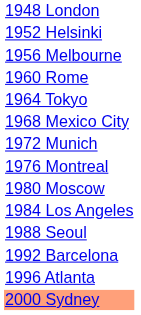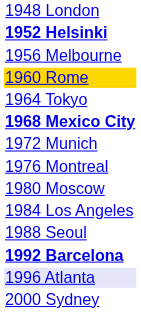 <table>
 <tr>
 <td><a href='#'>1948 London</a><br></td>
 <td></td>
 <td></td>
 <td></td>
 </tr>
 <tr>
-<td><a href='#'>1952 Helsinki</a><br></td>
+<td><strong><a href='#'>1952 Helsinki</a><br></strong></td>
 <td></td>
 <td></td>
 <td></td>
 </tr>
 <tr>
 <td><a href='#'>1956 Melbourne</a><br></td>
 <td></td>
 <td></td>
 <td></td>
 </tr>
 <tr>
-<td><a href='#'>1960 Rome</a><br></td>
+<td style="background: gold;"><a href='#'>1960 Rome</a><br></td>
 <td></td>
 <td></td>
 <td></td>
 </tr>
 <tr>
 <td><a href='#'>1964 Tokyo</a><br></td>
 <td></td>
 <td></td>
 <td></td>
 </tr>
 <tr>
-<td><a href='#'>1968 Mexico City</a><br></td>
+<td><strong><a href='#'>1968 Mexico City</a><br></strong></td>
 <td></td>
 <td></td>
 <td></td>
 </tr>
 <tr>
 <td><a href='#'>1972 Munich</a><br></td>
 <td></td>
 <td></td>
 <td></td>
 </tr>
 <tr>
 <td><a href='#'>1976 Montreal</a><br></td>
 <td></td>
 <td></td>
 <td></td>
 </tr>
 <tr>
 <td><a href='#'>1980 Moscow</a><br></td>
 <td></td>
 <td></td>
 <td></td>
 </tr>
 <tr>
 <td><a href='#'>1984 Los Angeles</a><br></td>
 <td></td>
 <td></td>
 <td></td>
 </tr>
 <tr>
 <td><a href='#'>1988 Seoul</a><br></td>
 <td></td>
 <td></td>
 <td></td>
 </tr>
 <tr>
-<td><a href='#'>1992 Barcelona</a><br></td>
+<td><strong><a href='#'>1992 Barcelona</a><br></strong></td>
 <td></td>
 <td></td>
 <td></td>
 </tr>
 <tr>
-<td><a href='#'>1996 Atlanta</a><br></td>
+<td style="background: lavender;"><a href='#'>1996 Atlanta</a><br></td>
 <td></td>
 <td></td>
 <td></td>
 </tr>
 <tr>
-<td style="background: lightsalmon;"><a href='#'>2000 Sydney</a><br></td>
+<td><a href='#'>2000 Sydney</a><br></td>
 <td></td>
 <td></td>
 <td></td>
 </tr>
 </table>
